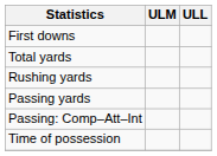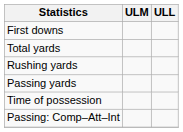 <table class="wikitable" style="float: left;">
 <tr>
 <th>Statistics</th>
 <th>ULM</th>
 <th>ULL</th>
 </tr>
 <tr>
 <td>First downs</td>
 <td></td>
 <td></td>
 </tr>
 <tr>
 <td>Total yards</td>
 <td></td>
 <td></td>
 </tr>
 <tr>
 <td>Rushing yards</td>
 <td></td>
 <td></td>
 </tr>
 <tr>
 <td>Passing yards</td>
 <td></td>
 <td></td>
 </tr>
 <tr>
-<td>Passing: Comp–Att–Int</td>
+<td>Time of possession</td>
 <td></td>
 <td></td>
 </tr>
 <tr>
-<td>Time of possession</td>
+<td>Passing: Comp–Att–Int</td>
 <td></td>
 <td></td>
 </tr>
 <tr>
 </tr>
 </table>
